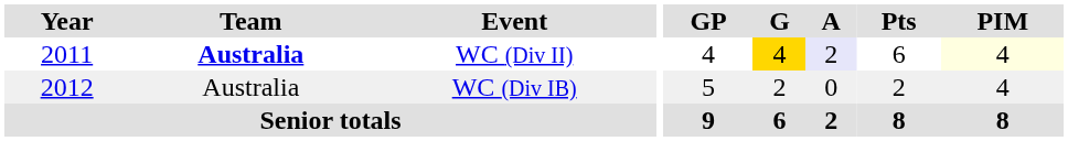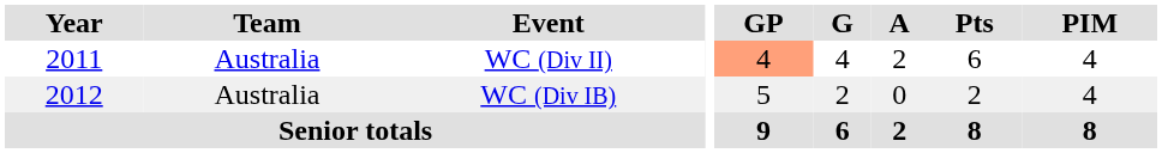 <table border="0" cellpadding="1" cellspacing="0" ID="Table3" style="text-align:center; width:40em">
 <tr bgcolor="#e0e0e0">
 <th>Year</th>
 <th>Team</th>
 <th>Event</th>
 <th rowspan="102" bgcolor="#ffffff"></th>
 <th>GP</th>
 <th>G</th>
 <th>A</th>
 <th>Pts</th>
 <th>PIM</th>
 </tr>
 <tr>
 <td><a href='#'>2011</a></td>
-<td><strong><a href='#'>Australia</a></strong></td>
+<td><a href='#'>Australia</a></td>
 <td><a href='#'>WC <small>(Div II)</small></a></td>
+<td style="background: lightsalmon;">4</td>
 <td>4</td>
-<td style="background: gold;">4</td>
-<td style="background: lavender;">2</td>
+<td>2</td>
 <td>6</td>
-<td style="background: lightyellow;">4</td>
+<td>4</td>
 </tr>
 <tr bgcolor="#f0f0f0">
 <td><a href='#'>2012</a></td>
 <td>Australia</td>
 <td><a href='#'>WC <small>(Div IB)</small></a></td>
 <td>5</td>
 <td>2</td>
 <td>0</td>
 <td>2</td>
 <td>4</td>
 </tr>
 <tr bgcolor=#e0e0e0>
 <th colspan="3">Senior totals</th>
 <th>9</th>
 <th>6</th>
 <th>2</th>
 <th>8</th>
 <th>8</th>
 </tr>
 </table>
